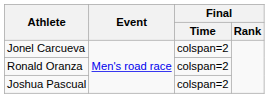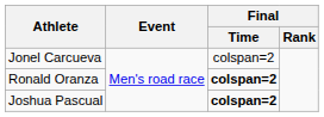 <table class=wikitable style=font-size:90%;text-align:center>
 <tr>
 <th rowspan=2>Athlete</th>
 <th rowspan=2>Event</th>
 <th colspan=2>Final</th>
 </tr>
 <tr>
 <th>Time</th>
 <th>Rank</th>
 </tr>
 <tr>
 <td align=left>Jonel Carcueva</td>
 <td align=left rowspan=3><a href='#'>Men's road race</a></td>
 <td>colspan=2 </td>
 </tr>
 <tr>
 <td align=left>Ronald Oranza</td>
-<td>colspan=2 </td>
+<td><strong>colspan=2 </strong></td>
 </tr>
 <tr>
 <td align=left>Joshua Pascual</td>
-<td>colspan=2 </td>
+<td><strong>colspan=2 </strong></td>
 </tr>
 </table>
